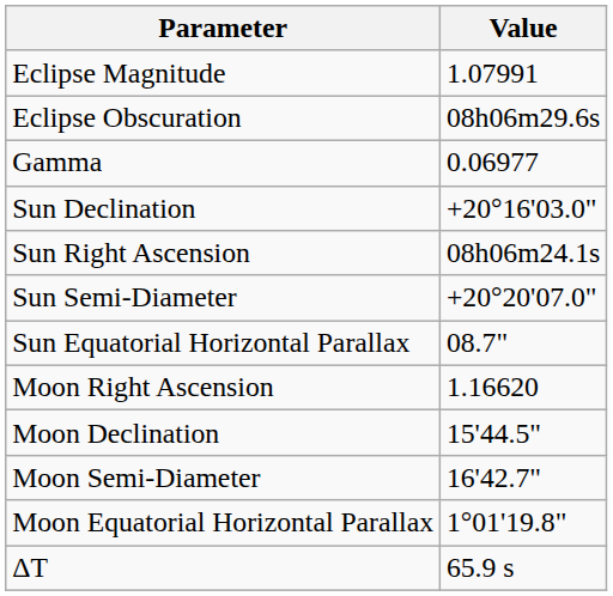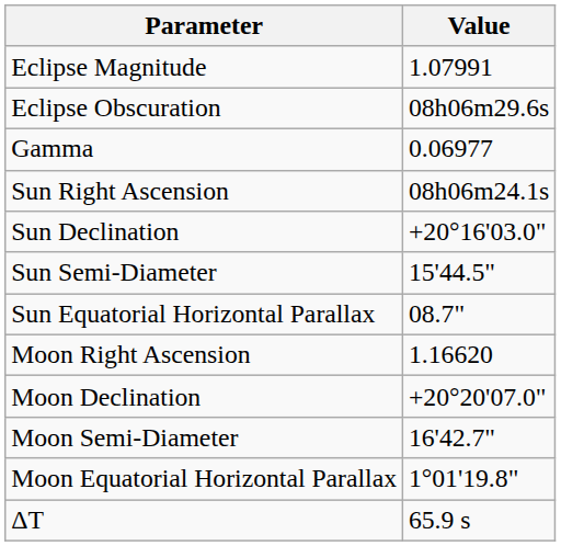 <table class="wikitable">
 <tr>
 <th>Parameter</th>
 <th>Value</th>
 </tr>
 <tr>
 <td>Eclipse Magnitude</td>
 <td>1.07991</td>
 </tr>
 <tr>
 <td>Eclipse Obscuration</td>
 <td>08h06m29.6s</td>
 </tr>
 <tr>
 <td>Gamma</td>
 <td>0.06977</td>
 </tr>
 <tr>
+<td>Sun Right Ascension</td>
+<td>08h06m24.1s</td>
+</tr>
+<tr>
 <td>Sun Declination</td>
 <td>+20°16'03.0"</td>
 </tr>
 <tr>
-<td>Sun Right Ascension</td>
-<td>08h06m24.1s</td>
-</tr>
-<tr>
 <td>Sun Semi-Diameter</td>
-<td>+20°20'07.0"</td>
+<td>15'44.5"</td>
 </tr>
 <tr>
 <td>Sun Equatorial Horizontal Parallax</td>
 <td>08.7"</td>
 </tr>
 <tr>
 <td>Moon Right Ascension</td>
 <td>1.16620</td>
 </tr>
 <tr>
 <td>Moon Declination</td>
-<td>15'44.5"</td>
+<td>+20°20'07.0"</td>
 </tr>
 <tr>
 <td>Moon Semi-Diameter</td>
 <td>16'42.7"</td>
 </tr>
 <tr>
 <td>Moon Equatorial Horizontal Parallax</td>
 <td>1°01'19.8"</td>
 </tr>
 <tr>
 <td>ΔT</td>
 <td>65.9 s</td>
 </tr>
 </table>
